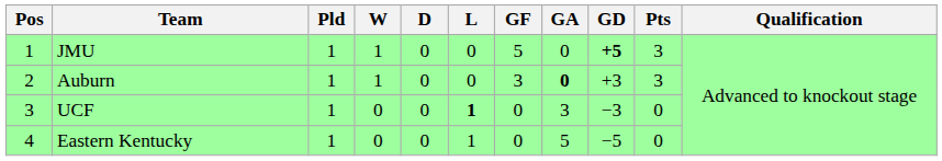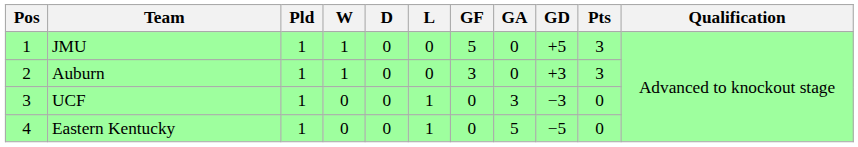 <table class="wikitable" style="text-align:center; margin: 1em auto">
 <tr>
 <th style="width:2em">Pos</th>
 <th style="width:13em">Team</th>
 <th style="width:2em">Pld</th>
 <th style="width:2em">W</th>
 <th style="width:2em">D</th>
 <th style="width:2em">L</th>
 <th style="width:2em">GF</th>
 <th style="width:2em">GA</th>
 <th style="width:2em">GD</th>
 <th style="width:2em">Pts</th>
 <th style="width:13em">Qualification</th>
 </tr>
 <tr bgcolor="#9eff9e">
 <td>1</td>
 <td style="text-align:left">JMU</td>
 <td>1</td>
 <td>1</td>
 <td>0</td>
 <td>0</td>
 <td>5</td>
 <td>0</td>
-<td><strong>+5</strong></td>
+<td>+5</td>
 <td>3</td>
 <td rowspan="4">Advanced to knockout stage</td>
 </tr>
 <tr bgcolor="#9eff9e">
 <td>2</td>
 <td style="text-align:left">Auburn</td>
 <td>1</td>
 <td>1</td>
 <td>0</td>
 <td>0</td>
 <td>3</td>
-<td><strong>0</strong></td>
+<td>0</td>
 <td>+3</td>
 <td>3</td>
 </tr>
 <tr bgcolor="#9eff9e">
 <td>3</td>
 <td style="text-align:left">UCF</td>
 <td>1</td>
 <td>0</td>
 <td>0</td>
-<td><strong>1</strong></td>
+<td>1</td>
 <td>0</td>
 <td>3</td>
 <td>−3</td>
 <td>0</td>
 </tr>
 <tr bgcolor="#9eff9e">
 <td>4</td>
 <td style="text-align:left">Eastern Kentucky</td>
 <td>1</td>
 <td>0</td>
 <td>0</td>
 <td>1</td>
 <td>0</td>
 <td>5</td>
 <td>−5</td>
 <td>0</td>
 </tr>
 </table>
